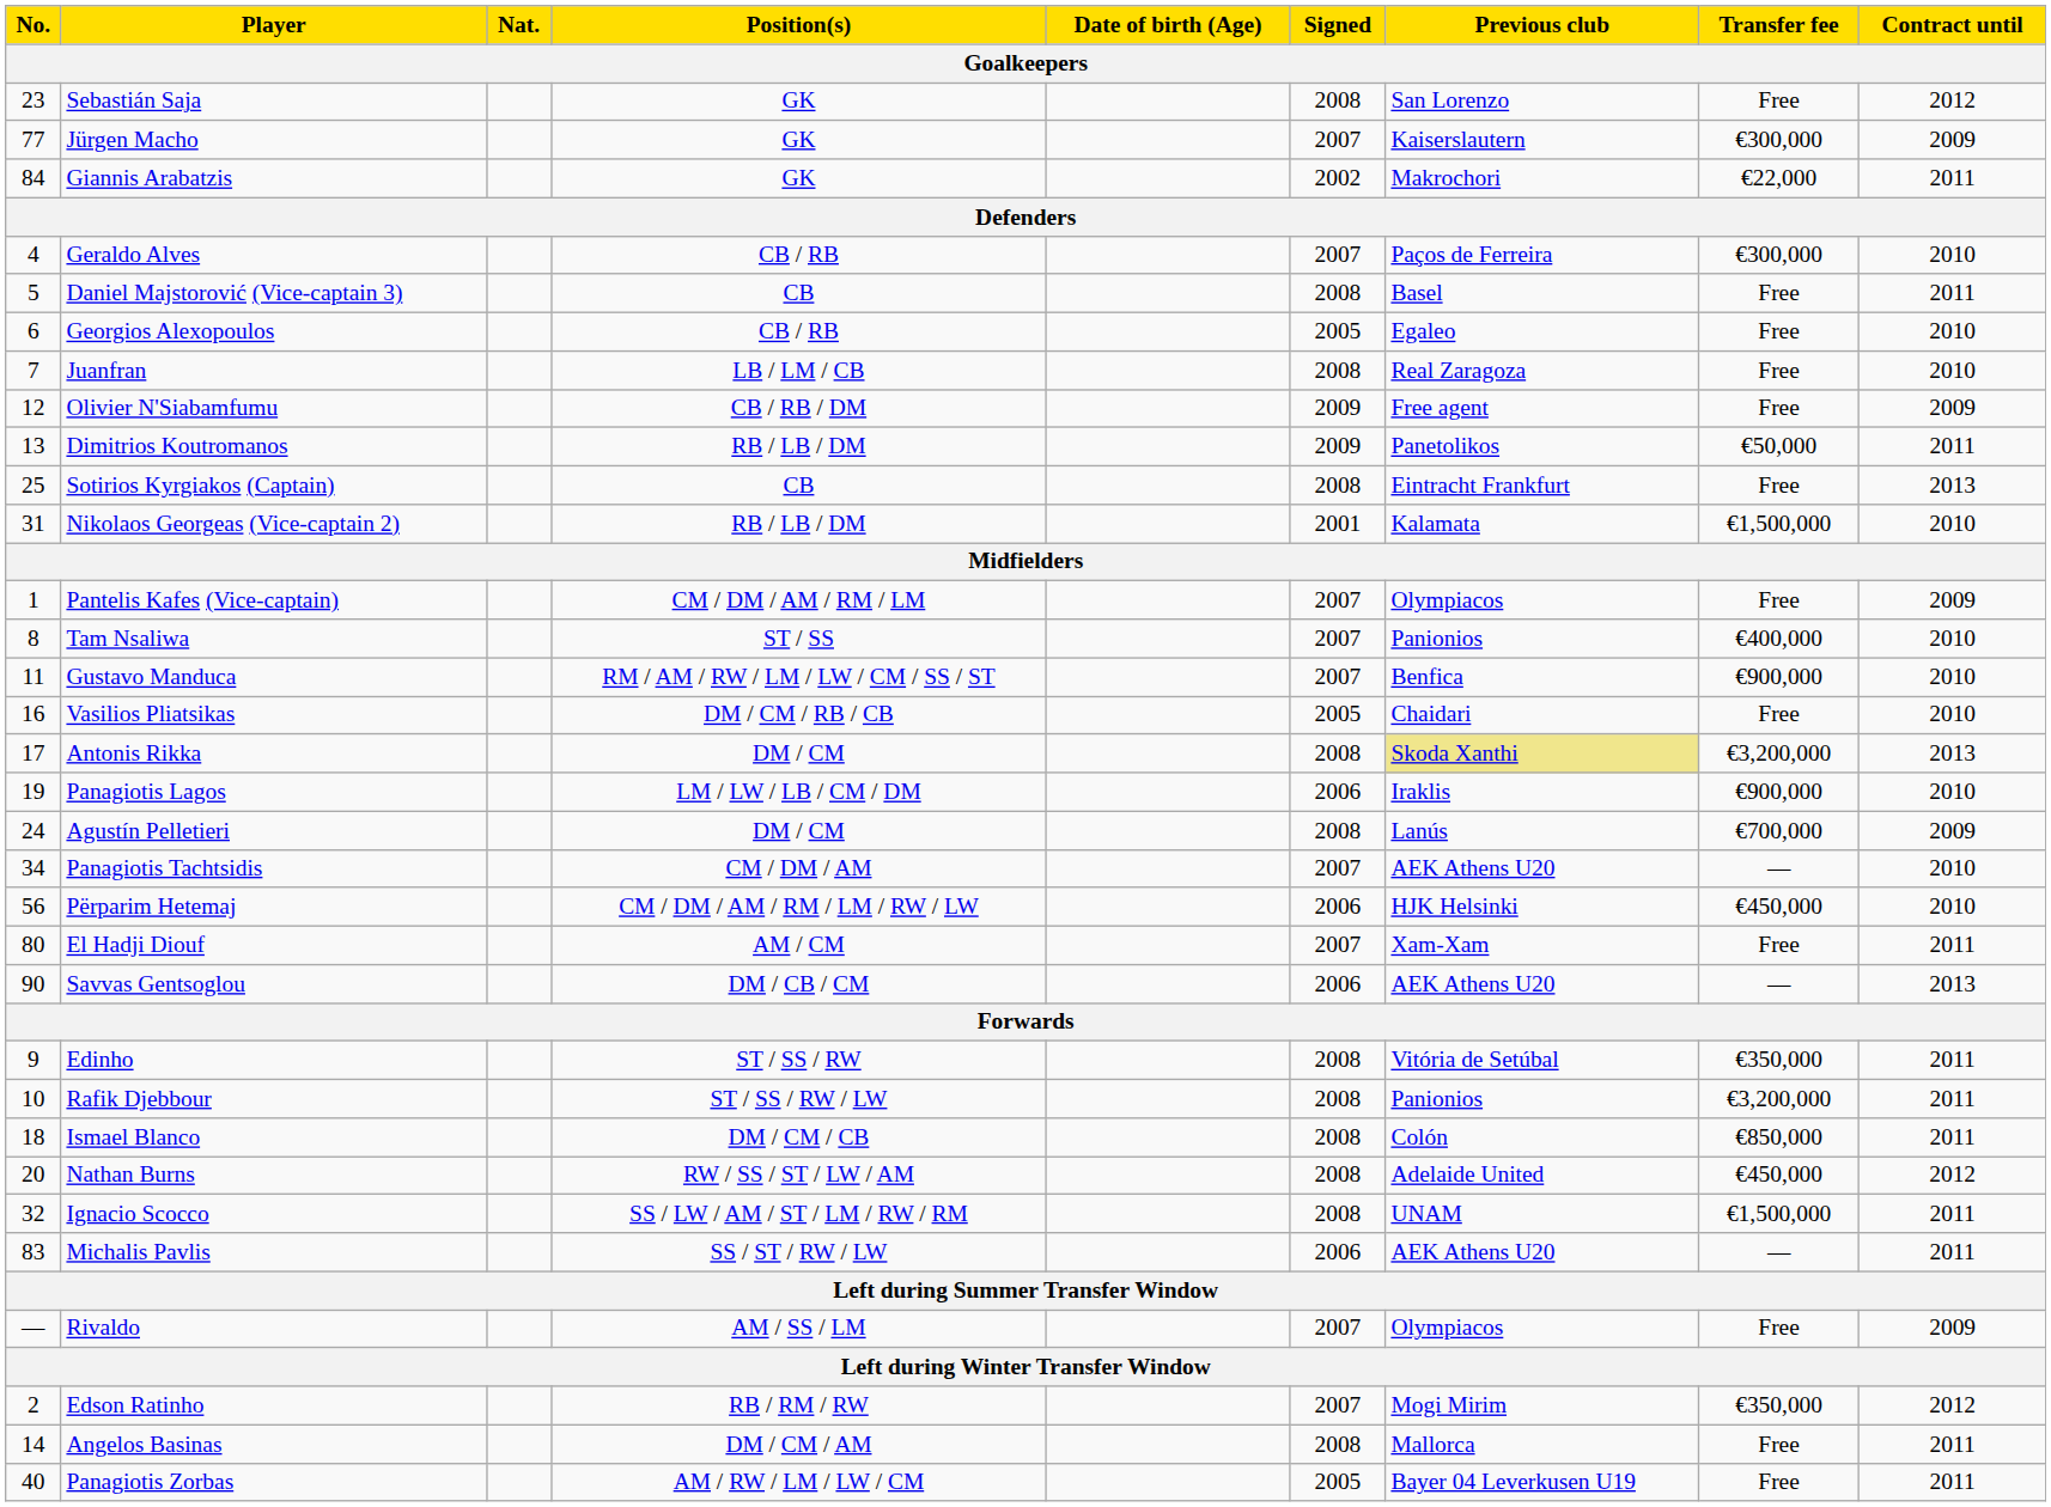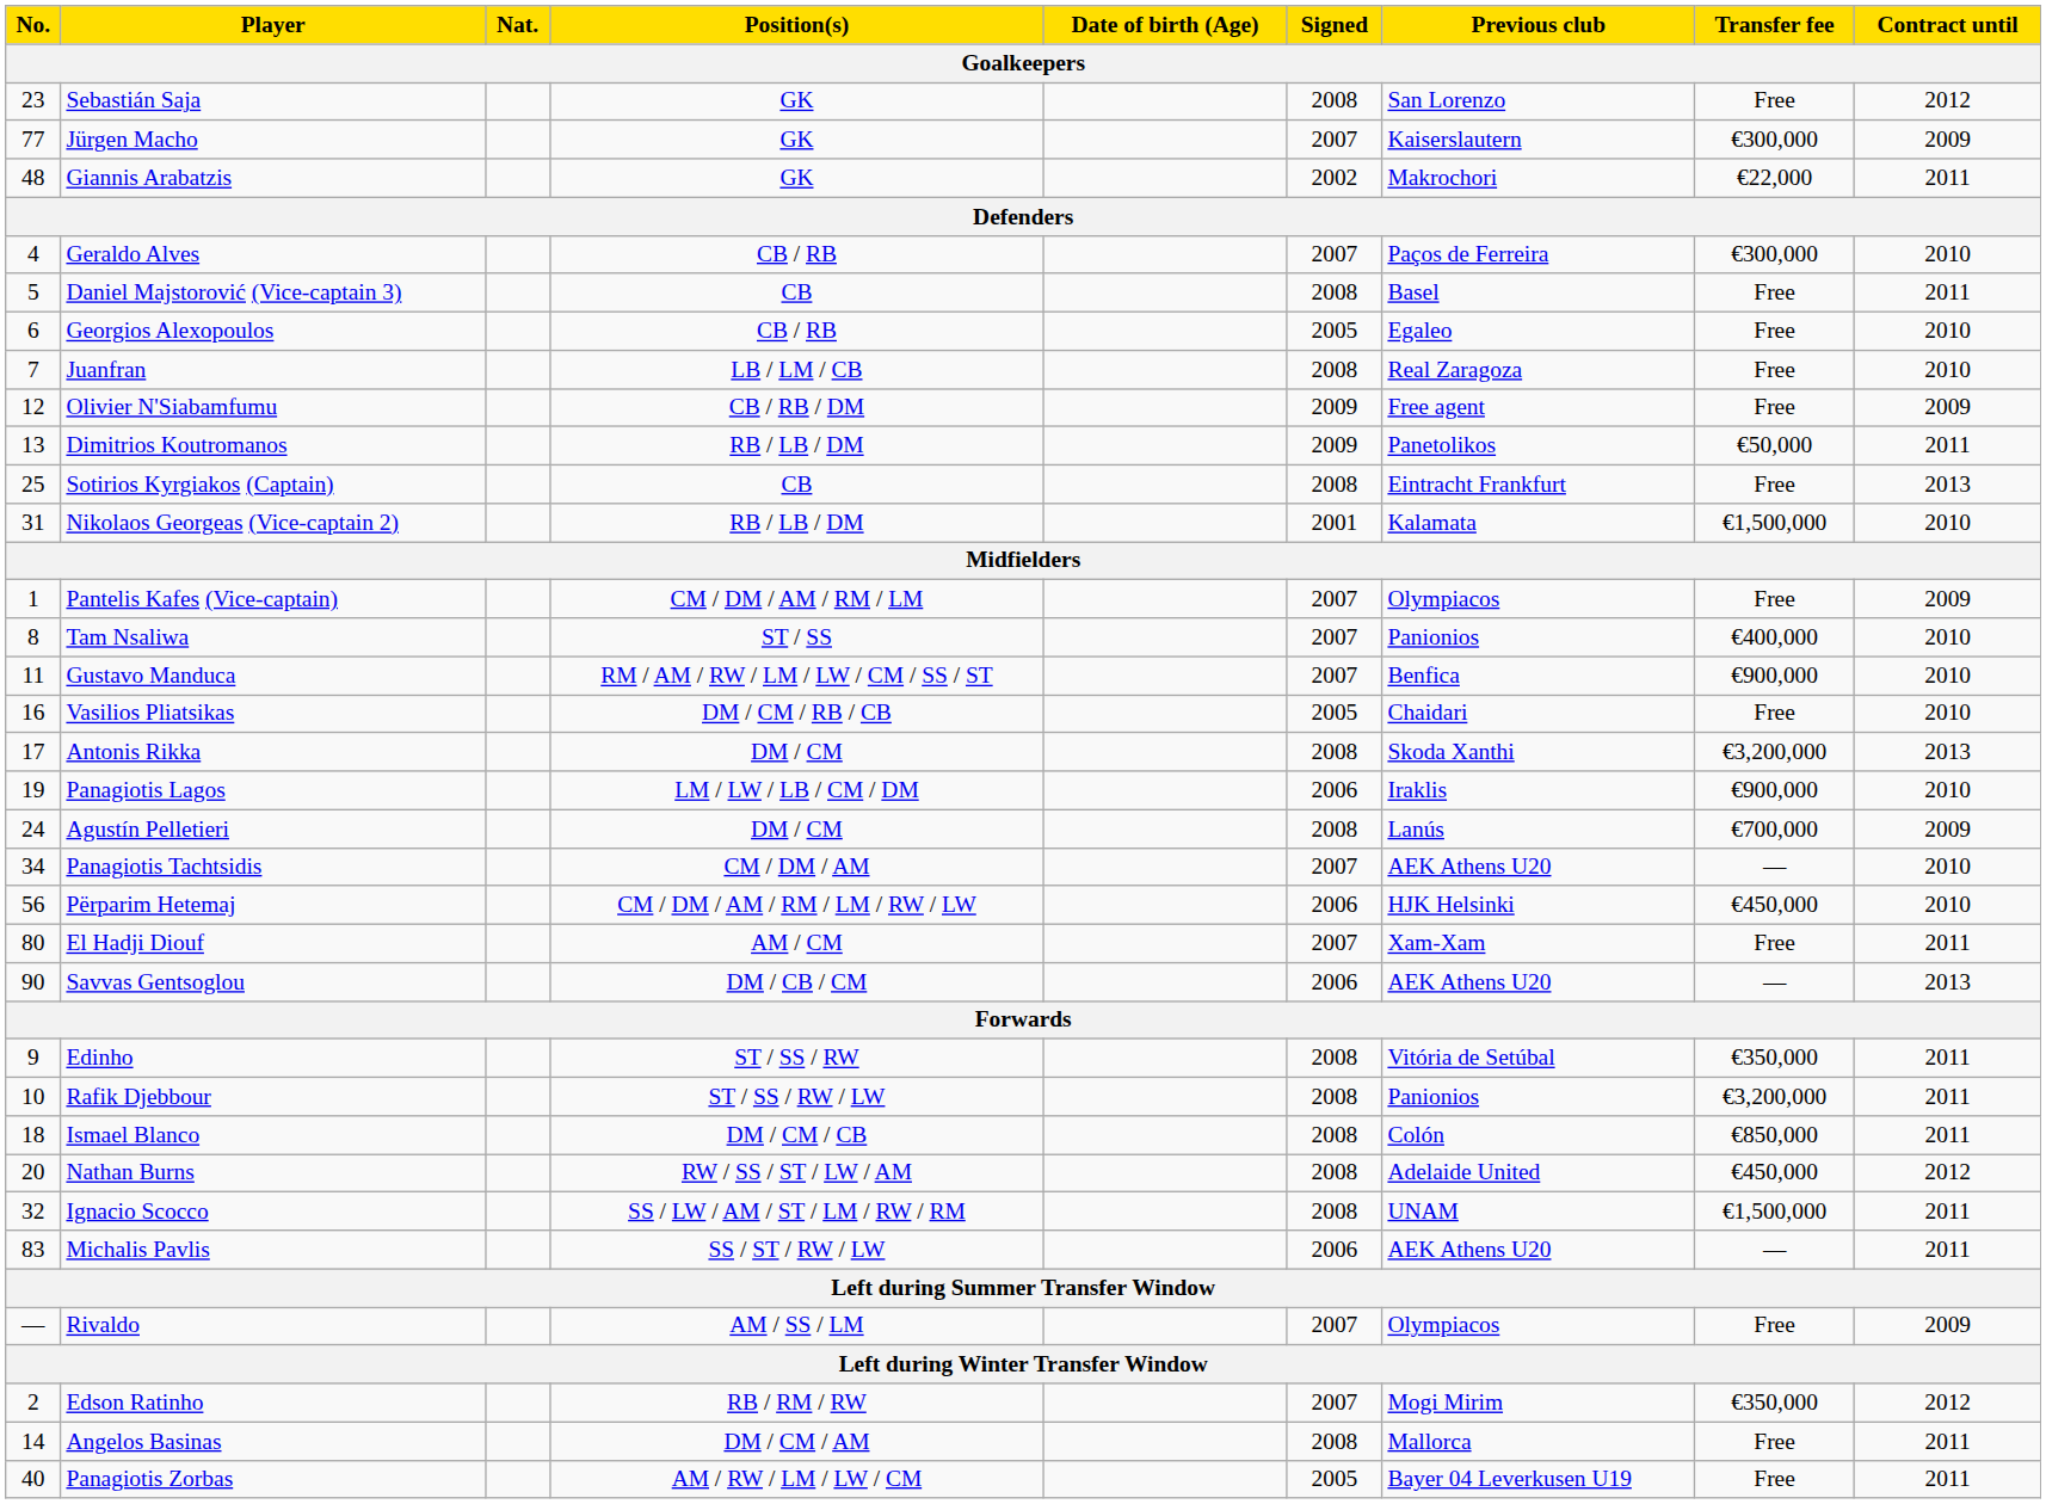 <table class="wikitable" style="text-align:center; font-size:90%; width:100%">
 <tr>
 <th style="background:#FFDE00">No.</th>
 <th style="background:#FFDE00">Player</th>
 <th style="background:#FFDE00">Nat.</th>
 <th style="background:#FFDE00">Position(s)</th>
 <th style="background:#FFDE00">Date of birth (Age)</th>
 <th style="background:#FFDE00">Signed</th>
 <th style="background:#FFDE00">Previous club</th>
 <th style="background:#FFDE00">Transfer fee</th>
 <th style="background:#FFDE00">Contract until</th>
 </tr>
 <tr>
 <th colspan="9">Goalkeepers</th>
 </tr>
 <tr>
 <td>23</td>
 <td align=left><a href='#'>Sebastián Saja</a></td>
 <td></td>
 <td><a href='#'>GK</a></td>
 <td></td>
 <td>2008</td>
 <td align=left> <a href='#'>San Lorenzo</a></td>
 <td>Free</td>
 <td>2012</td>
 </tr>
 <tr>
 <td>77</td>
 <td align=left><a href='#'>Jürgen Macho</a></td>
 <td></td>
 <td><a href='#'>GK</a></td>
 <td></td>
 <td>2007</td>
 <td align=left> <a href='#'>Kaiserslautern</a></td>
 <td>€300,000</td>
 <td>2009</td>
 </tr>
 <tr>
-<td>84</td>
+<td>48</td>
 <td align=left><a href='#'>Giannis Arabatzis</a></td>
 <td></td>
 <td><a href='#'>GK</a></td>
 <td></td>
 <td>2002</td>
 <td align=left> <a href='#'>Makrochori</a></td>
 <td>€22,000</td>
 <td>2011</td>
 </tr>
 <tr>
 <th colspan="9">Defenders</th>
 </tr>
 <tr>
 <td>4</td>
 <td align=left><a href='#'>Geraldo Alves</a></td>
 <td></td>
 <td><a href='#'>CB</a> / <a href='#'>RB</a></td>
 <td></td>
 <td>2007</td>
 <td align=left> <a href='#'>Paços de Ferreira</a></td>
 <td>€300,000</td>
 <td>2010</td>
 </tr>
 <tr>
 <td>5</td>
 <td align=left><a href='#'>Daniel Majstorović</a> <a href='#'>(Vice-captain 3)</a></td>
 <td></td>
 <td><a href='#'>CB</a></td>
 <td></td>
 <td>2008</td>
 <td align=left> <a href='#'>Basel</a></td>
 <td>Free</td>
 <td>2011</td>
 </tr>
 <tr>
 <td>6</td>
 <td align=left><a href='#'>Georgios Alexopoulos</a></td>
 <td></td>
 <td><a href='#'>CB</a> / <a href='#'>RB</a></td>
 <td></td>
 <td>2005</td>
 <td align=left> <a href='#'>Egaleo</a></td>
 <td>Free</td>
 <td>2010</td>
 </tr>
 <tr>
 <td>7</td>
 <td align=left><a href='#'>Juanfran</a></td>
 <td></td>
 <td><a href='#'>LB</a> / <a href='#'>LM</a> / <a href='#'>CB</a></td>
 <td></td>
 <td>2008</td>
 <td align=left> <a href='#'>Real Zaragoza</a></td>
 <td>Free</td>
 <td>2010</td>
 </tr>
 <tr>
 <td>12</td>
 <td align=left><a href='#'>Olivier N'Siabamfumu</a></td>
 <td></td>
 <td><a href='#'>CB</a> / <a href='#'>RB</a> / <a href='#'>DM</a></td>
 <td></td>
 <td>2009</td>
 <td align=left><a href='#'>Free agent</a></td>
 <td>Free</td>
 <td>2009</td>
 </tr>
 <tr>
 <td>13</td>
 <td align=left><a href='#'>Dimitrios Koutromanos</a></td>
 <td></td>
 <td><a href='#'>RB</a> / <a href='#'>LB</a> / <a href='#'>DM</a></td>
 <td></td>
 <td>2009</td>
 <td align=left> <a href='#'>Panetolikos</a></td>
 <td>€50,000</td>
 <td>2011</td>
 </tr>
 <tr>
 <td>25</td>
 <td align=left><a href='#'>Sotirios Kyrgiakos</a> <a href='#'>(Captain)</a></td>
 <td></td>
 <td><a href='#'>CB</a></td>
 <td></td>
 <td>2008</td>
 <td align=left> <a href='#'>Eintracht Frankfurt</a></td>
 <td>Free</td>
 <td>2013</td>
 </tr>
 <tr>
 <td>31</td>
 <td align=left><a href='#'>Nikolaos Georgeas</a> <a href='#'>(Vice-captain 2)</a></td>
 <td></td>
 <td><a href='#'>RB</a> / <a href='#'>LB</a> / <a href='#'>DM</a></td>
 <td></td>
 <td>2001</td>
 <td align=left> <a href='#'>Kalamata</a></td>
 <td>€1,500,000</td>
 <td>2010</td>
 </tr>
 <tr>
 <th colspan="9">Midfielders</th>
 </tr>
 <tr>
 <td>1</td>
 <td align=left><a href='#'>Pantelis Kafes</a> <a href='#'>(Vice-captain)</a></td>
 <td></td>
 <td><a href='#'>CM</a> / <a href='#'>DM</a> / <a href='#'>AM</a> / <a href='#'>RM</a> / <a href='#'>LM</a></td>
 <td></td>
 <td>2007</td>
 <td align=left> <a href='#'>Olympiacos</a></td>
 <td>Free</td>
 <td>2009</td>
 </tr>
 <tr>
 <td>8</td>
 <td align=left><a href='#'>Tam Nsaliwa</a></td>
 <td></td>
 <td><a href='#'>ST</a> / <a href='#'>SS</a></td>
 <td></td>
 <td>2007</td>
 <td align=left> <a href='#'>Panionios</a></td>
 <td>€400,000</td>
 <td>2010</td>
 </tr>
 <tr>
 <td>11</td>
 <td align=left><a href='#'>Gustavo Manduca</a></td>
 <td></td>
 <td><a href='#'>RM</a> / <a href='#'>AM</a> / <a href='#'>RW</a> / <a href='#'>LM</a> / <a href='#'>LW</a> / <a href='#'>CM</a> / <a href='#'>SS</a> / <a href='#'>ST</a></td>
 <td></td>
 <td>2007</td>
 <td align=left> <a href='#'>Benfica</a></td>
 <td>€900,000</td>
 <td>2010</td>
 </tr>
 <tr>
 <td>16</td>
 <td align=left><a href='#'>Vasilios Pliatsikas</a></td>
 <td></td>
 <td><a href='#'>DM</a> / <a href='#'>CM</a> / <a href='#'>RB</a> / <a href='#'>CB</a></td>
 <td></td>
 <td>2005</td>
 <td align=left> <a href='#'>Chaidari</a></td>
 <td>Free</td>
 <td>2010</td>
 </tr>
 <tr>
 <td>17</td>
 <td align=left><a href='#'>Antonis Rikka</a></td>
 <td></td>
 <td><a href='#'>DM</a> / <a href='#'>CM</a></td>
 <td></td>
 <td>2008</td>
-<td align=left style="background: khaki;"> <a href='#'>Skoda Xanthi</a></td>
+<td align=left> <a href='#'>Skoda Xanthi</a></td>
 <td>€3,200,000</td>
 <td>2013</td>
 </tr>
 <tr>
 <td>19</td>
 <td align=left><a href='#'>Panagiotis Lagos</a></td>
 <td></td>
 <td><a href='#'>LM</a> / <a href='#'>LW</a> / <a href='#'>LB</a> / <a href='#'>CM</a> / <a href='#'>DM</a></td>
 <td></td>
 <td>2006</td>
 <td align=left> <a href='#'>Iraklis</a></td>
 <td>€900,000</td>
 <td>2010</td>
 </tr>
 <tr>
 <td>24</td>
 <td align=left><a href='#'>Agustín Pelletieri</a></td>
 <td></td>
 <td><a href='#'>DM</a> / <a href='#'>CM</a></td>
 <td></td>
 <td>2008</td>
 <td align=left> <a href='#'>Lanús</a></td>
 <td>€700,000</td>
 <td>2009</td>
 </tr>
 <tr>
 <td>34</td>
 <td align=left><a href='#'>Panagiotis Tachtsidis</a></td>
 <td></td>
 <td><a href='#'>CM</a> / <a href='#'>DM</a> / <a href='#'>AM</a></td>
 <td></td>
 <td>2007</td>
 <td align=left> <a href='#'>AEK Athens U20</a></td>
 <td>—</td>
 <td>2010</td>
 </tr>
 <tr>
 <td>56</td>
 <td align=left><a href='#'>Përparim Hetemaj</a></td>
 <td></td>
 <td><a href='#'>CM</a> / <a href='#'>DM</a> / <a href='#'>AM</a> / <a href='#'>RM</a> / <a href='#'>LM</a> / <a href='#'>RW</a> / <a href='#'>LW</a></td>
 <td></td>
 <td>2006</td>
 <td align=left> <a href='#'>HJK Helsinki</a></td>
 <td>€450,000</td>
 <td>2010</td>
 </tr>
 <tr>
 <td>80</td>
 <td align=left><a href='#'>El Hadji Diouf</a></td>
 <td></td>
 <td><a href='#'>AM</a> / <a href='#'>CM</a></td>
 <td></td>
 <td>2007</td>
 <td align=left> <a href='#'>Xam-Xam</a></td>
 <td>Free</td>
 <td>2011</td>
 </tr>
 <tr>
 <td>90</td>
 <td align=left><a href='#'>Savvas Gentsoglou</a></td>
 <td></td>
 <td><a href='#'>DM</a> / <a href='#'>CB</a> / <a href='#'>CM</a></td>
 <td></td>
 <td>2006</td>
 <td align=left> <a href='#'>AEK Athens U20</a></td>
 <td>—</td>
 <td>2013</td>
 </tr>
 <tr>
 <th colspan="9">Forwards</th>
 </tr>
 <tr>
 <td>9</td>
 <td align=left><a href='#'>Edinho</a></td>
 <td></td>
 <td><a href='#'>ST</a> / <a href='#'>SS</a> / <a href='#'>RW</a></td>
 <td></td>
 <td>2008</td>
 <td align=left> <a href='#'>Vitória de Setúbal</a></td>
 <td>€350,000</td>
 <td>2011</td>
 </tr>
 <tr>
 <td>10</td>
 <td align=left><a href='#'>Rafik Djebbour</a></td>
 <td></td>
 <td><a href='#'>ST</a> / <a href='#'>SS</a> / <a href='#'>RW</a> / <a href='#'>LW</a></td>
 <td></td>
 <td>2008</td>
 <td align=left> <a href='#'>Panionios</a></td>
 <td>€3,200,000</td>
 <td>2011</td>
 </tr>
 <tr>
 <td>18</td>
 <td align=left><a href='#'>Ismael Blanco</a></td>
 <td></td>
 <td><a href='#'>DM</a> / <a href='#'>CM</a> / <a href='#'>CB</a></td>
 <td></td>
 <td>2008</td>
 <td align=left> <a href='#'>Colón</a></td>
 <td>€850,000</td>
 <td>2011</td>
 </tr>
 <tr>
 <td>20</td>
 <td align=left><a href='#'>Nathan Burns</a></td>
 <td></td>
 <td><a href='#'>RW</a> / <a href='#'>SS</a> / <a href='#'>ST</a> / <a href='#'>LW</a> / <a href='#'>AM</a></td>
 <td></td>
 <td>2008</td>
 <td align=left> <a href='#'>Adelaide United</a></td>
 <td>€450,000</td>
 <td>2012</td>
 </tr>
 <tr>
 <td>32</td>
 <td align=left><a href='#'>Ignacio Scocco</a></td>
 <td></td>
 <td><a href='#'>SS</a> / <a href='#'>LW</a> / <a href='#'>AM</a> / <a href='#'>ST</a> / <a href='#'>LM</a> / <a href='#'>RW</a> / <a href='#'>RM</a></td>
 <td></td>
 <td>2008</td>
 <td align=left> <a href='#'>UNAM</a></td>
 <td>€1,500,000</td>
 <td>2011</td>
 </tr>
 <tr>
 <td>83</td>
 <td align=left><a href='#'>Michalis Pavlis</a></td>
 <td></td>
 <td><a href='#'>SS</a> / <a href='#'>ST</a> / <a href='#'>RW</a> / <a href='#'>LW</a></td>
 <td></td>
 <td>2006</td>
 <td align=left> <a href='#'>AEK Athens U20</a></td>
 <td>—</td>
 <td>2011</td>
 </tr>
 <tr>
 <th colspan="9">Left during Summer Transfer Window</th>
 </tr>
 <tr>
 <td>—</td>
 <td align=left><a href='#'>Rivaldo</a></td>
 <td></td>
 <td><a href='#'>AM</a> / <a href='#'>SS</a> / <a href='#'>LM</a></td>
 <td></td>
 <td>2007</td>
 <td align=left> <a href='#'>Olympiacos</a></td>
 <td>Free</td>
 <td>2009</td>
 </tr>
 <tr>
 <th colspan="9">Left during Winter Transfer Window</th>
 </tr>
 <tr>
 <td>2</td>
 <td align=left><a href='#'>Edson Ratinho</a></td>
 <td></td>
 <td><a href='#'>RB</a> / <a href='#'>RM</a> / <a href='#'>RW</a></td>
 <td></td>
 <td>2007</td>
 <td align=left> <a href='#'>Mogi Mirim</a></td>
 <td>€350,000</td>
 <td>2012</td>
 </tr>
 <tr>
 <td>14</td>
 <td align=left><a href='#'>Angelos Basinas</a></td>
 <td></td>
 <td><a href='#'>DM</a> / <a href='#'>CM</a> / <a href='#'>AM</a></td>
 <td></td>
 <td>2008</td>
 <td align=left> <a href='#'>Mallorca</a></td>
 <td>Free</td>
 <td>2011</td>
 </tr>
 <tr>
 <td>40</td>
 <td align=left><a href='#'>Panagiotis Zorbas</a></td>
 <td></td>
 <td><a href='#'>AM</a> / <a href='#'>RW</a> / <a href='#'>LM</a> / <a href='#'>LW</a> / <a href='#'>CM</a></td>
 <td></td>
 <td>2005</td>
 <td align=left> <a href='#'>Bayer 04 Leverkusen U19</a></td>
 <td>Free</td>
 <td>2011</td>
 </tr>
 </table>
